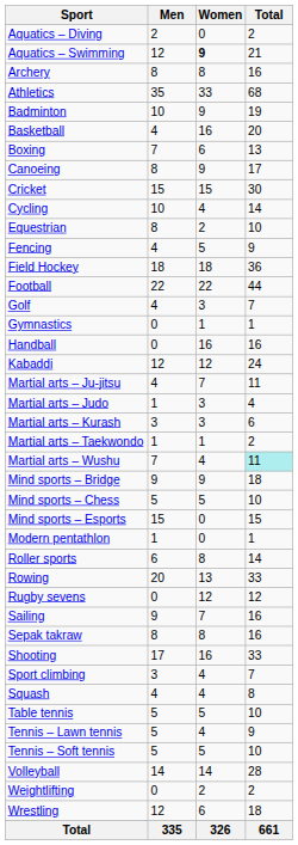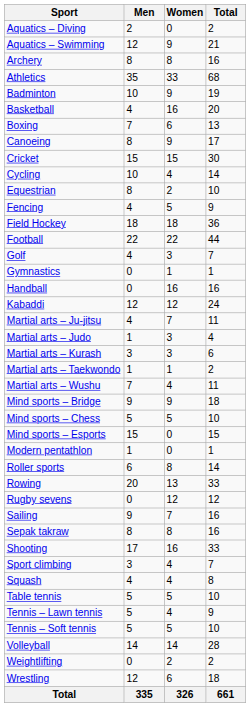 <table class="wikitable sortable collapsible">
 <tr>
 <th width=180>Sport</th>
 <th width=55>Men</th>
 <th width=55>Women</th>
 <th width=55>Total</th>
 </tr>
 <tr>
 <td align=left><a href='#'>Aquatics – Diving</a></td>
 <td>2</td>
 <td>0</td>
 <td>2</td>
 </tr>
 <tr>
 <td align=left><a href='#'>Aquatics – Swimming</a></td>
 <td>12</td>
-<td><strong>9</strong></td>
+<td>9</td>
 <td>21</td>
 </tr>
 <tr>
 <td align=left><a href='#'>Archery</a></td>
 <td>8</td>
 <td>8</td>
 <td>16</td>
 </tr>
 <tr>
 <td align=left><a href='#'>Athletics</a></td>
 <td>35</td>
 <td>33</td>
 <td>68</td>
 </tr>
 <tr>
 <td align=left><a href='#'>Badminton</a></td>
 <td>10</td>
 <td>9</td>
 <td>19</td>
 </tr>
 <tr>
 <td align=left><a href='#'>Basketball</a></td>
 <td>4</td>
 <td>16</td>
 <td>20</td>
 </tr>
 <tr>
 <td align=left><a href='#'>Boxing</a></td>
 <td>7</td>
 <td>6</td>
 <td>13</td>
 </tr>
 <tr>
 <td align=left><a href='#'>Canoeing</a></td>
 <td>8</td>
 <td>9</td>
 <td>17</td>
 </tr>
 <tr>
 <td align=left><a href='#'>Cricket</a></td>
 <td>15</td>
 <td>15</td>
 <td>30</td>
 </tr>
 <tr>
 <td align=left><a href='#'>Cycling</a></td>
 <td>10</td>
 <td>4</td>
 <td>14</td>
 </tr>
 <tr>
 <td align=left><a href='#'>Equestrian</a></td>
 <td>8</td>
 <td>2</td>
 <td>10</td>
 </tr>
 <tr>
 <td align=left><a href='#'>Fencing</a></td>
 <td>4</td>
 <td>5</td>
 <td>9</td>
 </tr>
 <tr>
 <td align=left><a href='#'>Field Hockey</a></td>
 <td>18</td>
 <td>18</td>
 <td>36</td>
 </tr>
 <tr>
 <td align=left><a href='#'>Football</a></td>
 <td>22</td>
 <td>22</td>
 <td>44</td>
 </tr>
 <tr>
 <td align=left><a href='#'>Golf</a></td>
 <td>4</td>
 <td>3</td>
 <td>7</td>
 </tr>
 <tr>
 <td align=left><a href='#'>Gymnastics</a></td>
 <td>0</td>
 <td>1</td>
 <td>1</td>
 </tr>
 <tr>
 <td align=left><a href='#'>Handball</a></td>
 <td>0</td>
 <td>16</td>
 <td>16</td>
 </tr>
 <tr>
 <td align=left><a href='#'>Kabaddi</a></td>
 <td>12</td>
 <td>12</td>
 <td>24</td>
 </tr>
 <tr>
 <td align=left><a href='#'>Martial arts – Ju-jitsu</a></td>
 <td>4</td>
 <td>7</td>
 <td>11</td>
 </tr>
 <tr>
 <td align=left><a href='#'>Martial arts – Judo</a></td>
 <td>1</td>
 <td>3</td>
 <td>4</td>
 </tr>
 <tr>
 <td align=left><a href='#'>Martial arts – Kurash</a></td>
 <td>3</td>
 <td>3</td>
 <td>6</td>
 </tr>
 <tr>
 <td align=left><a href='#'>Martial arts – Taekwondo</a></td>
 <td>1</td>
 <td>1</td>
 <td>2</td>
 </tr>
 <tr>
 <td align=left><a href='#'>Martial arts – Wushu</a></td>
 <td>7</td>
 <td>4</td>
-<td style="background: paleturquoise;">11</td>
+<td>11</td>
 </tr>
 <tr>
 <td align=left><a href='#'>Mind sports – Bridge</a></td>
 <td>9</td>
 <td>9</td>
 <td>18</td>
 </tr>
 <tr>
 <td align=left><a href='#'>Mind sports – Chess</a></td>
 <td>5</td>
 <td>5</td>
 <td>10</td>
 </tr>
 <tr>
 <td align=left><a href='#'>Mind sports – Esports</a></td>
 <td>15</td>
 <td>0</td>
 <td>15</td>
 </tr>
 <tr>
 <td align=left><a href='#'>Modern pentathlon</a></td>
 <td>1</td>
 <td>0</td>
 <td>1</td>
 </tr>
 <tr>
 <td align=left><a href='#'>Roller sports</a></td>
 <td>6</td>
 <td>8</td>
 <td>14</td>
 </tr>
 <tr>
 <td align=left><a href='#'>Rowing</a></td>
 <td>20</td>
 <td>13</td>
 <td>33</td>
 </tr>
 <tr>
 <td align=left><a href='#'>Rugby sevens</a></td>
 <td>0</td>
 <td>12</td>
 <td>12</td>
 </tr>
 <tr>
 <td align=left><a href='#'>Sailing</a></td>
 <td>9</td>
 <td>7</td>
 <td>16</td>
 </tr>
 <tr>
 <td align=left><a href='#'>Sepak takraw</a></td>
 <td>8</td>
 <td>8</td>
 <td>16</td>
 </tr>
 <tr>
 <td align=left><a href='#'>Shooting</a></td>
 <td>17</td>
 <td>16</td>
 <td>33</td>
 </tr>
 <tr>
 <td align=left><a href='#'>Sport climbing</a></td>
 <td>3</td>
 <td>4</td>
 <td>7</td>
 </tr>
 <tr>
 <td align=left><a href='#'>Squash</a></td>
 <td>4</td>
 <td>4</td>
 <td>8</td>
 </tr>
 <tr>
 <td align=left><a href='#'>Table tennis</a></td>
 <td>5</td>
 <td>5</td>
 <td>10</td>
 </tr>
 <tr>
 <td align=left><a href='#'>Tennis – Lawn tennis</a></td>
 <td>5</td>
 <td>4</td>
 <td>9</td>
 </tr>
 <tr>
 <td align=left><a href='#'>Tennis – Soft tennis</a></td>
 <td>5</td>
 <td>5</td>
 <td>10</td>
 </tr>
 <tr>
 <td align=left><a href='#'>Volleyball</a></td>
 <td>14</td>
 <td>14</td>
 <td>28</td>
 </tr>
 <tr>
 <td align=left><a href='#'>Weightlifting</a></td>
 <td>0</td>
 <td>2</td>
 <td>2</td>
 </tr>
 <tr>
 <td align=left><a href='#'>Wrestling</a></td>
 <td>12</td>
 <td>6</td>
 <td>18</td>
 </tr>
 <tr>
 <th>Total</th>
 <th>335</th>
 <th>326</th>
 <th>661</th>
 </tr>
 </table>
